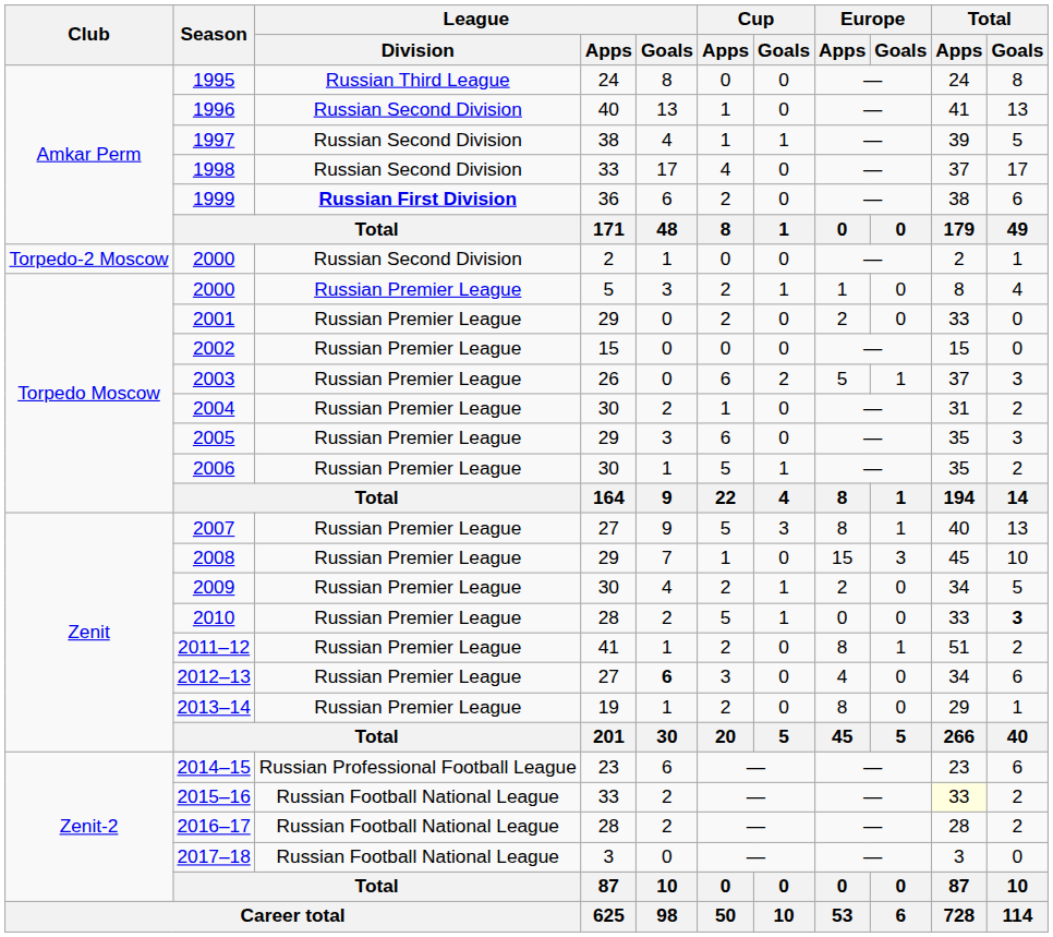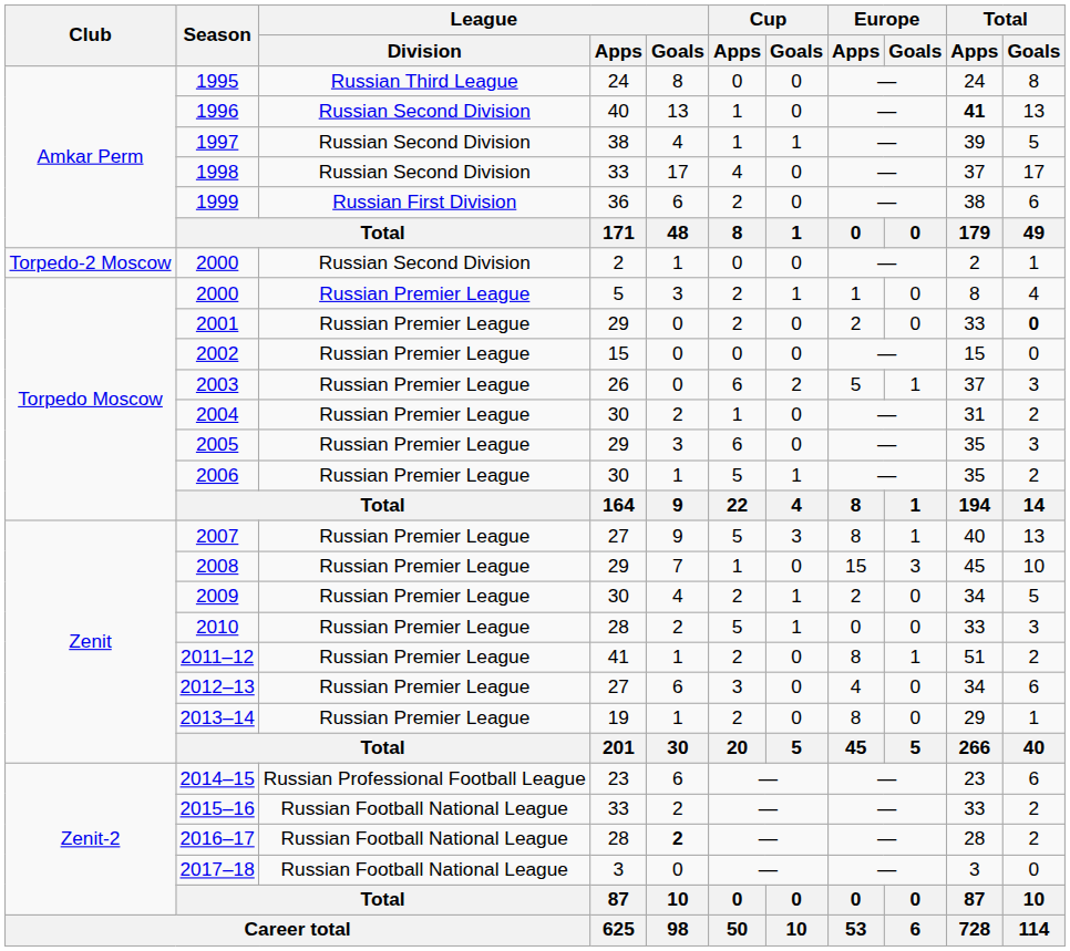 <table class="wikitable" style="text-align: center;">
 <tr>
 <th rowspan="2">Club</th>
 <th rowspan="2">Season</th>
 <th colspan="3">League</th>
 <th colspan="2">Cup</th>
 <th colspan="2">Europe</th>
 <th colspan="2">Total</th>
 </tr>
 <tr>
 <th>Division</th>
 <th>Apps</th>
 <th>Goals</th>
 <th>Apps</th>
 <th>Goals</th>
 <th>Apps</th>
 <th>Goals</th>
 <th>Apps</th>
 <th>Goals</th>
 </tr>
 <tr>
 <td rowspan="6"><a href='#'>Amkar Perm</a></td>
 <td><a href='#'>1995</a></td>
 <td><a href='#'>Russian Third League</a></td>
 <td>24</td>
 <td>8</td>
 <td>0</td>
 <td>0</td>
 <td colspan=2>—</td>
 <td>24</td>
 <td>8</td>
 </tr>
 <tr>
 <td><a href='#'>1996</a></td>
 <td><a href='#'>Russian Second Division</a></td>
 <td>40</td>
 <td>13</td>
 <td>1</td>
 <td>0</td>
 <td colspan=2>—</td>
-<td>41</td>
+<td><strong>41</strong></td>
 <td>13</td>
 </tr>
 <tr>
 <td><a href='#'>1997</a></td>
 <td>Russian Second Division</td>
 <td>38</td>
 <td>4</td>
 <td>1</td>
 <td>1</td>
 <td colspan=2>—</td>
 <td>39</td>
 <td>5</td>
 </tr>
 <tr>
 <td><a href='#'>1998</a></td>
 <td>Russian Second Division</td>
 <td>33</td>
 <td>17</td>
 <td>4</td>
 <td>0</td>
 <td colspan=2>—</td>
 <td>37</td>
 <td>17</td>
 </tr>
 <tr>
 <td><a href='#'>1999</a></td>
-<td><strong><a href='#'>Russian First Division</a></strong></td>
+<td><a href='#'>Russian First Division</a></td>
 <td>36</td>
 <td>6</td>
 <td>2</td>
 <td>0</td>
 <td colspan=2>—</td>
 <td>38</td>
 <td>6</td>
 </tr>
 <tr>
 <th colspan="2">Total</th>
 <th>171</th>
 <th>48</th>
 <th>8</th>
 <th>1</th>
 <th>0</th>
 <th>0</th>
 <th>179</th>
 <th>49</th>
 </tr>
 <tr>
 <td><a href='#'>Torpedo-2 Moscow</a></td>
 <td><a href='#'>2000</a></td>
 <td>Russian Second Division</td>
 <td>2</td>
 <td>1</td>
 <td>0</td>
 <td>0</td>
 <td colspan=2>—</td>
 <td>2</td>
 <td>1</td>
 </tr>
 <tr>
 <td rowspan="8"><a href='#'>Torpedo Moscow</a></td>
 <td><a href='#'>2000</a></td>
 <td><a href='#'>Russian Premier League</a></td>
 <td>5</td>
 <td>3</td>
 <td>2</td>
 <td>1</td>
 <td>1</td>
 <td>0</td>
 <td>8</td>
 <td>4</td>
 </tr>
 <tr>
 <td><a href='#'>2001</a></td>
 <td>Russian Premier League</td>
 <td>29</td>
 <td>0</td>
 <td>2</td>
 <td>0</td>
 <td>2</td>
 <td>0</td>
 <td>33</td>
-<td>0</td>
+<td><strong>0</strong></td>
 </tr>
 <tr>
 <td><a href='#'>2002</a></td>
 <td>Russian Premier League</td>
 <td>15</td>
 <td>0</td>
 <td>0</td>
 <td>0</td>
 <td colspan=2>—</td>
 <td>15</td>
 <td>0</td>
 </tr>
 <tr>
 <td><a href='#'>2003</a></td>
 <td>Russian Premier League</td>
 <td>26</td>
 <td>0</td>
 <td>6</td>
 <td>2</td>
 <td>5</td>
 <td>1</td>
 <td>37</td>
 <td>3</td>
 </tr>
 <tr>
 <td><a href='#'>2004</a></td>
 <td>Russian Premier League</td>
 <td>30</td>
 <td>2</td>
 <td>1</td>
 <td>0</td>
 <td colspan=2>—</td>
 <td>31</td>
 <td>2</td>
 </tr>
 <tr>
 <td><a href='#'>2005</a></td>
 <td>Russian Premier League</td>
 <td>29</td>
 <td>3</td>
 <td>6</td>
 <td>0</td>
 <td colspan=2>—</td>
 <td>35</td>
 <td>3</td>
 </tr>
 <tr>
 <td><a href='#'>2006</a></td>
 <td>Russian Premier League</td>
 <td>30</td>
 <td>1</td>
 <td>5</td>
 <td>1</td>
 <td colspan=2>—</td>
 <td>35</td>
 <td>2</td>
 </tr>
 <tr>
 <th colspan="2">Total</th>
 <th>164</th>
 <th>9</th>
 <th>22</th>
 <th>4</th>
 <th>8</th>
 <th>1</th>
 <th>194</th>
 <th>14</th>
 </tr>
 <tr>
 <td rowspan="8"><a href='#'>Zenit</a></td>
 <td><a href='#'>2007</a></td>
 <td>Russian Premier League</td>
 <td>27</td>
 <td>9</td>
 <td>5</td>
 <td>3</td>
 <td>8</td>
 <td>1</td>
 <td>40</td>
 <td>13</td>
 </tr>
 <tr>
 <td><a href='#'>2008</a></td>
 <td>Russian Premier League</td>
 <td>29</td>
 <td>7</td>
 <td>1</td>
 <td>0</td>
 <td>15</td>
 <td>3</td>
 <td>45</td>
 <td>10</td>
 </tr>
 <tr>
 <td><a href='#'>2009</a></td>
 <td>Russian Premier League</td>
 <td>30</td>
 <td>4</td>
 <td>2</td>
 <td>1</td>
 <td>2</td>
 <td>0</td>
 <td>34</td>
 <td>5</td>
 </tr>
 <tr>
 <td><a href='#'>2010</a></td>
 <td>Russian Premier League</td>
 <td>28</td>
 <td>2</td>
 <td>5</td>
 <td>1</td>
 <td>0</td>
 <td>0</td>
 <td>33</td>
-<td><strong>3</strong></td>
+<td>3</td>
 </tr>
 <tr>
 <td><a href='#'>2011–12</a></td>
 <td>Russian Premier League</td>
 <td>41</td>
 <td>1</td>
 <td>2</td>
 <td>0</td>
 <td>8</td>
 <td>1</td>
 <td>51</td>
 <td>2</td>
 </tr>
 <tr>
 <td><a href='#'>2012–13</a></td>
 <td>Russian Premier League</td>
 <td>27</td>
-<td><strong>6</strong></td>
+<td>6</td>
 <td>3</td>
 <td>0</td>
 <td>4</td>
 <td>0</td>
 <td>34</td>
 <td>6</td>
 </tr>
 <tr>
 <td><a href='#'>2013–14</a></td>
 <td>Russian Premier League</td>
 <td>19</td>
 <td>1</td>
 <td>2</td>
 <td>0</td>
 <td>8</td>
 <td>0</td>
 <td>29</td>
 <td>1</td>
 </tr>
 <tr>
 <th colspan="2">Total</th>
 <th>201</th>
 <th>30</th>
 <th>20</th>
 <th>5</th>
 <th>45</th>
 <th>5</th>
 <th>266</th>
 <th>40</th>
 </tr>
 <tr>
 <td rowspan="5"><a href='#'>Zenit-2</a></td>
 <td><a href='#'>2014–15</a></td>
 <td>Russian Professional Football League</td>
 <td>23</td>
 <td>6</td>
 <td colspan=2>—</td>
 <td colspan=2>—</td>
 <td>23</td>
 <td>6</td>
 </tr>
 <tr>
 <td><a href='#'>2015–16</a></td>
 <td>Russian Football National League</td>
 <td>33</td>
 <td>2</td>
 <td colspan=2>—</td>
 <td colspan=2>—</td>
-<td style="background: lightyellow;">33</td>
+<td>33</td>
 <td>2</td>
 </tr>
 <tr>
 <td><a href='#'>2016–17</a></td>
 <td>Russian Football National League</td>
 <td>28</td>
-<td>2</td>
+<td><strong>2</strong></td>
 <td colspan=2>—</td>
 <td colspan=2>—</td>
 <td>28</td>
 <td>2</td>
 </tr>
 <tr>
 <td><a href='#'>2017–18</a></td>
 <td>Russian Football National League</td>
 <td>3</td>
 <td>0</td>
 <td colspan=2>—</td>
 <td colspan=2>—</td>
 <td>3</td>
 <td>0</td>
 </tr>
 <tr>
 <th colspan="2">Total</th>
 <th>87</th>
 <th>10</th>
 <th>0</th>
 <th>0</th>
 <th>0</th>
 <th>0</th>
 <th>87</th>
 <th>10</th>
 </tr>
 <tr>
 <th colspan="3">Career total</th>
 <th>625</th>
 <th>98</th>
 <th>50</th>
 <th>10</th>
 <th>53</th>
 <th>6</th>
 <th>728</th>
 <th>114</th>
 </tr>
 </table>
